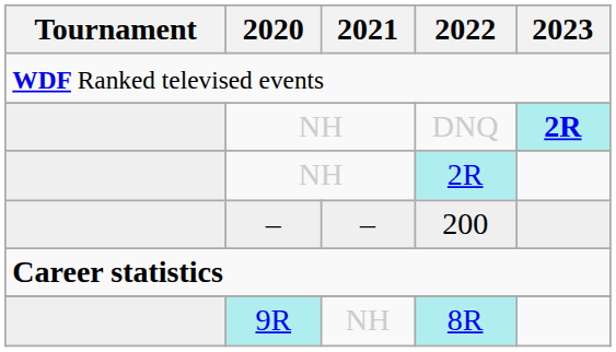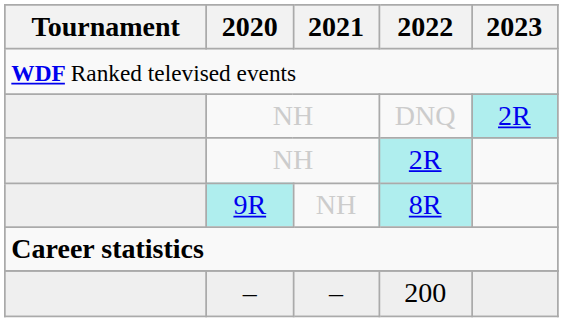 <table class="wikitable" style="width:20%; margin:0">
 <tr>
 <th>Tournament</th>
 <th>2020</th>
 <th>2021</th>
 <th>2022</th>
 <th>2023</th>
 </tr>
 <tr>
 <td colspan="5" style="text-align:left"><small><strong><a href='#'>WDF</a> </strong>Ranked televised events</small></td>
 </tr>
 <tr>
 <td style="background:#efefef;"></td>
 <td colspan="2" style="text-align:center; color:#ccc;">NH</td>
 <td style="text-align:center; color:#ccc;">DNQ</td>
-<td style="text-align:center; background:#afeeee;"><strong><a href='#'>2R</a></strong></td>
+<td style="text-align:center; background:#afeeee;"><a href='#'>2R</a></td>
 </tr>
 <tr>
 <td style="background:#efefef;"></td>
 <td colspan="2" style="text-align:center; color:#ccc;">NH</td>
 <td style="text-align:center; background:#afeeee;"><a href='#'>2R</a></td>
 <td></td>
+</tr>
+<tr>
+<td style="background:#efefef;"></td>
+<td style="text-align:center; background:#afeeee;"><a href='#'>9R</a></td>
+<td style="text-align:center; color:#ccc;">NH</td>
+<td style="text-align:center; background:#afeeee;"><a href='#'>8R</a></td>
+<td></td>
+</tr>
+<tr>
+<td colspan="5" style="text-align:left"><strong>Career statistics</strong></td>
+</tr>
+<tr>
 </tr>
 <tr style="background:#efefef">
 <td style="text-align:left"></td>
 <td style="text-align:center;">–</td>
 <td style="text-align:center;">–</td>
 <td style="text-align:center;">200</td>
 <td style="text-align:center;"></td>
 </tr>
-<tr>
-<td colspan="5" style="text-align:left"><strong>Career statistics</strong></td>
-</tr>
-<tr>
-</tr>
-<tr>
-<td style="background:#efefef;"></td>
-<td style="text-align:center; background:#afeeee;"><a href='#'>9R</a></td>
-<td style="text-align:center; color:#ccc;">NH</td>
-<td style="text-align:center; background:#afeeee;"><a href='#'>8R</a></td>
-<td></td>
-</tr>
 </table>
